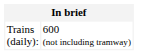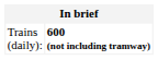 <table border="0" cellpadding="2" cellspacing="2" align="left" style="margin-right:1em; background:#f3f3f3;">
 <tr>
 <th colspan="2">In brief</th>
 </tr>
 <tr bgcolor="#FFFFFF">
 <td>Trains<br>(daily):</td>
-<td>600<br><small>(not including tramway)</small></td>
+<td><strong>600<br><small>(not including tramway)</small></strong></td>
 </tr>
 </table>
